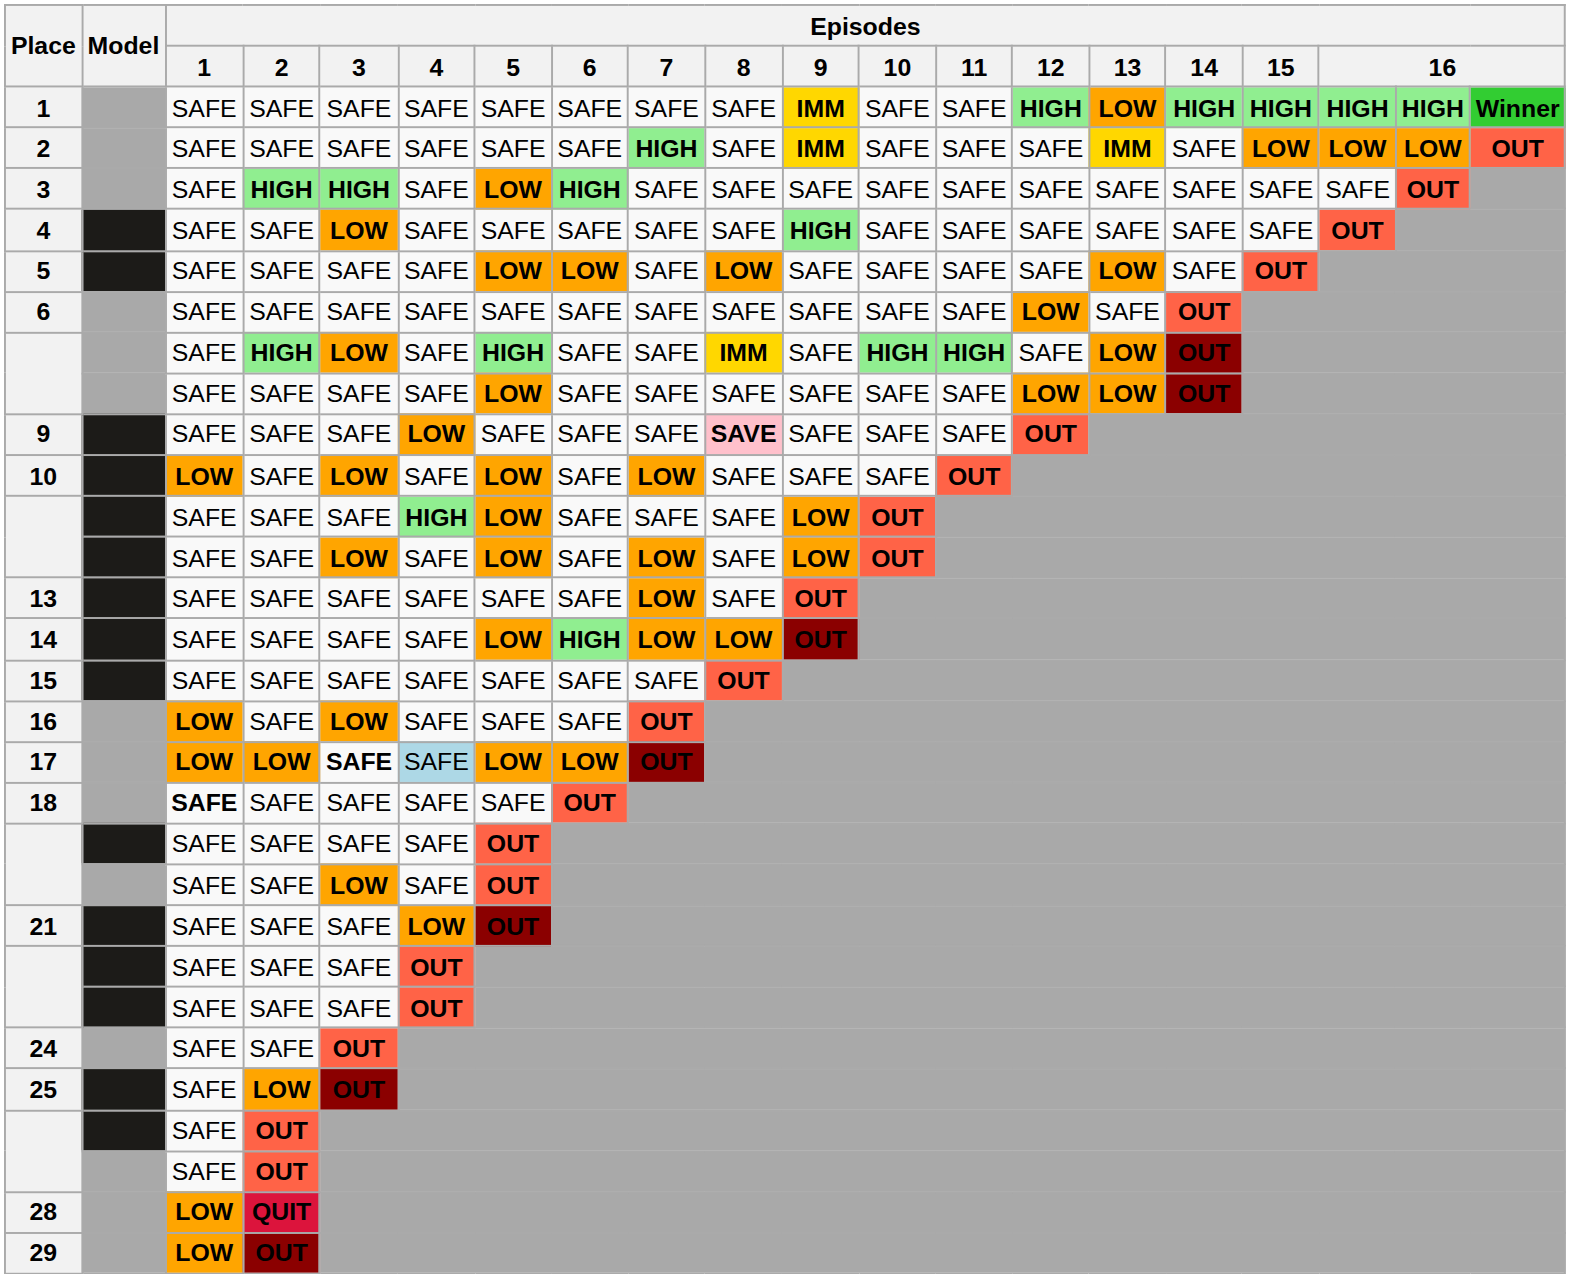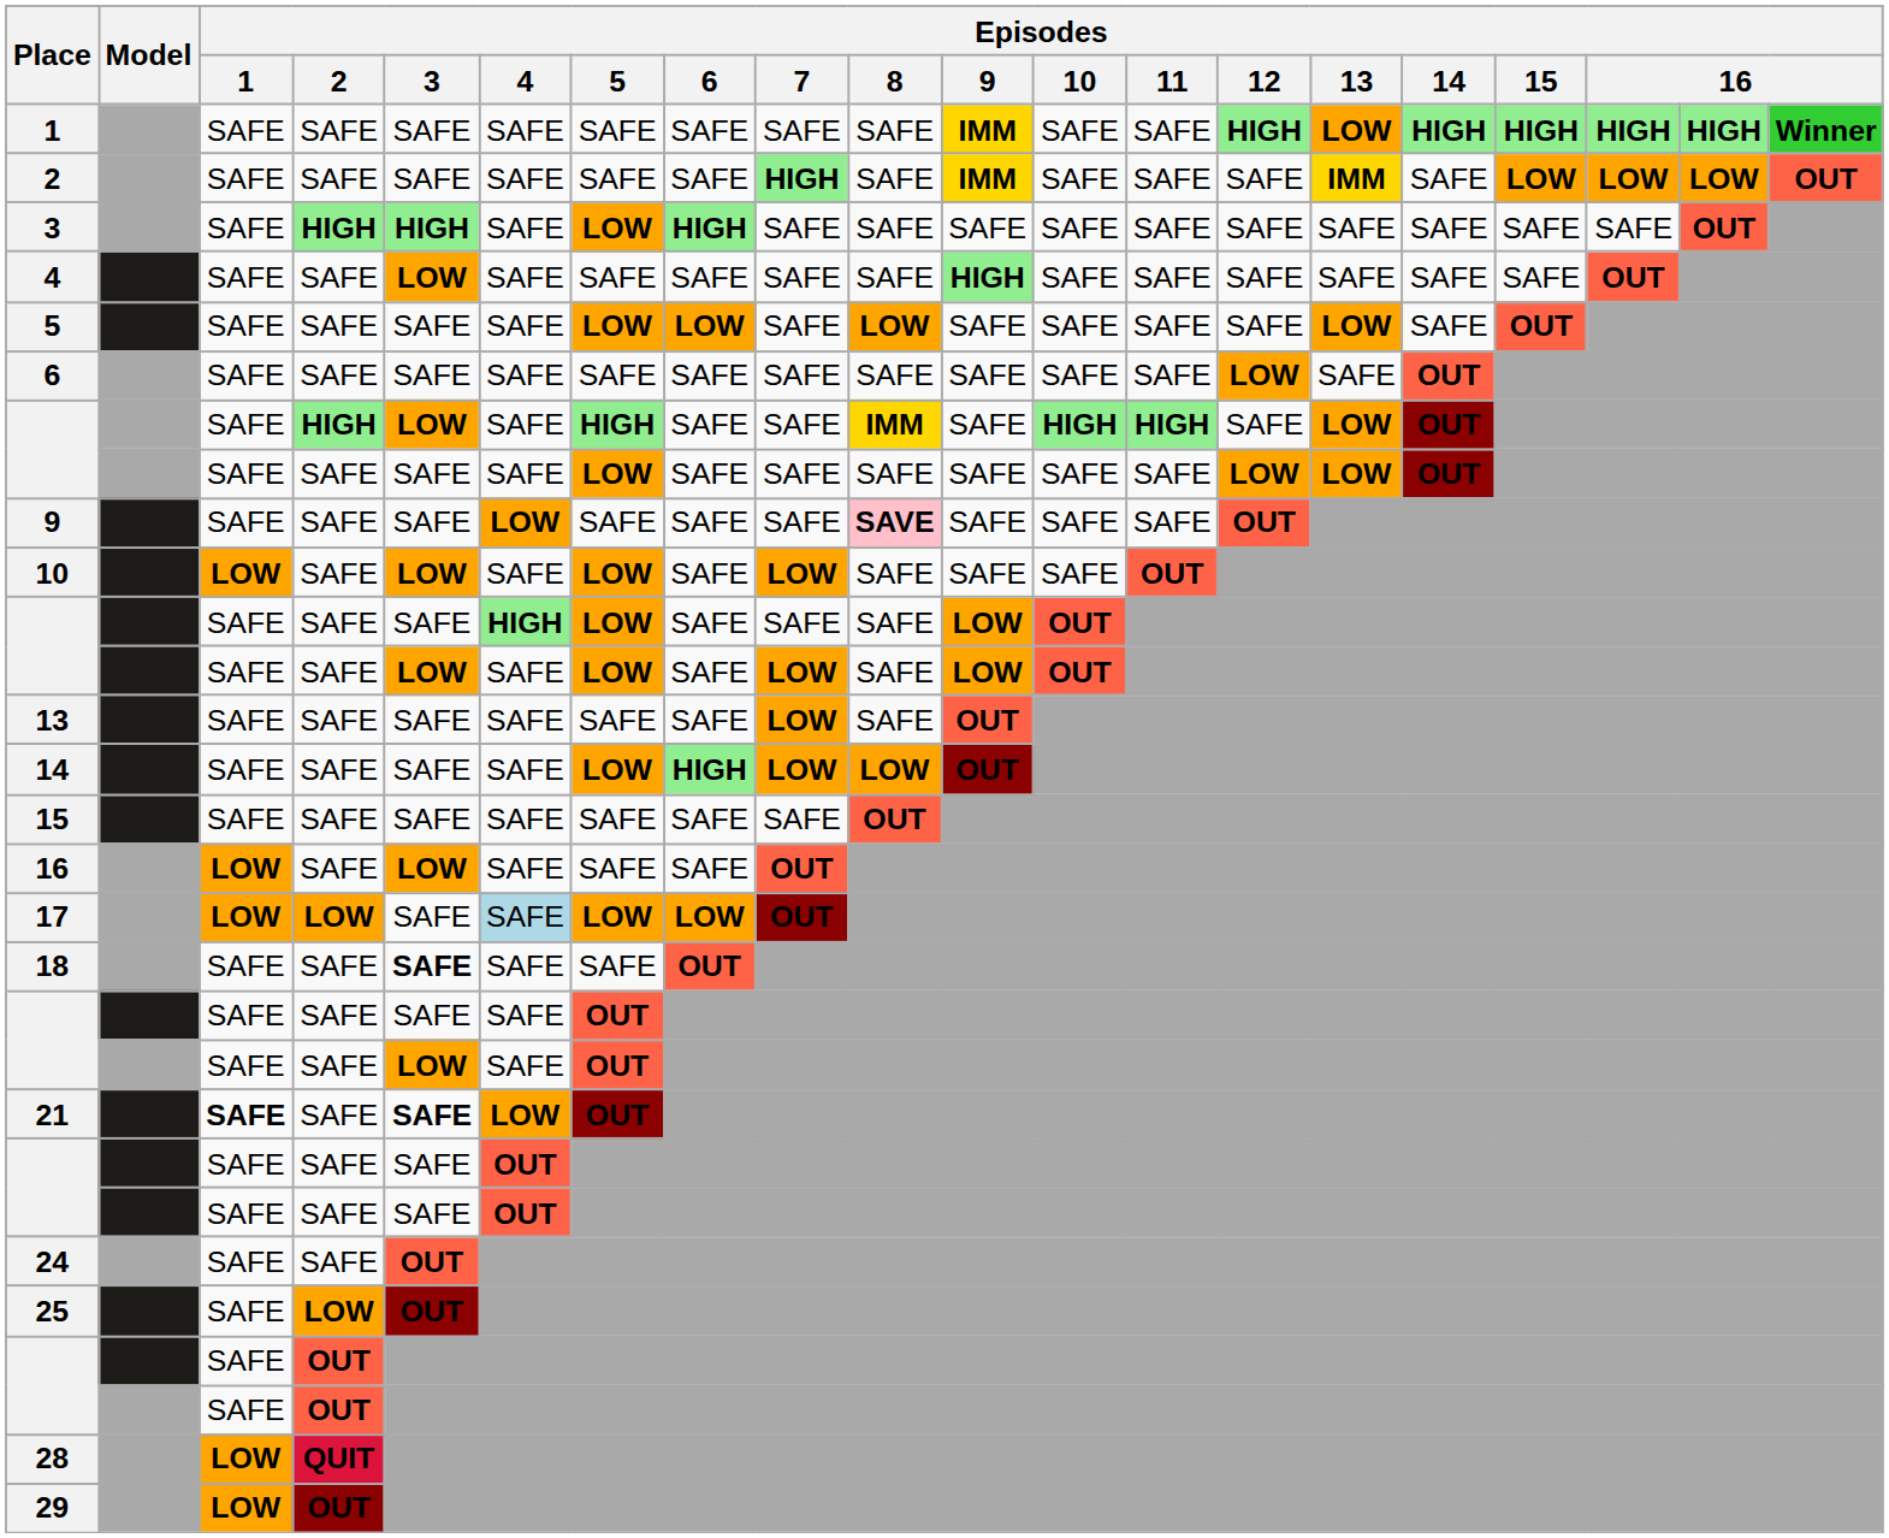 <table class="wikitable" style="width:50%; text-align:center; font-size:80%;">
 <tr>
 <th rowspan="2">Place</th>
 <th rowspan="2">Model</th>
 <th colspan="20">Episodes</th>
 </tr>
 <tr>
 <th>1</th>
 <th>2</th>
 <th>3</th>
 <th>4</th>
 <th>5</th>
 <th>6</th>
 <th>7</th>
 <th>8</th>
 <th>9</th>
 <th>10</th>
 <th>11</th>
 <th>12</th>
 <th>13</th>
 <th>14</th>
 <th>15</th>
 <th colspan="3">16</th>
 </tr>
 <tr>
 <th>1</th>
 <td bgcolor="darkgray"></td>
 <td>SAFE</td>
 <td>SAFE</td>
 <td>SAFE</td>
 <td>SAFE</td>
 <td>SAFE</td>
 <td>SAFE</td>
 <td>SAFE</td>
 <td>SAFE</td>
 <td style="background:gold;"><strong>IMM</strong></td>
 <td>SAFE</td>
 <td>SAFE</td>
 <td style="background:lightgreen;"><strong>HIGH</strong></td>
 <td style="background:orange;"><strong>LOW</strong></td>
 <td style="background:lightgreen;"><strong>HIGH</strong></td>
 <td style="background:lightgreen;"><strong>HIGH</strong></td>
 <td style="background:lightgreen;"><strong>HIGH</strong></td>
 <td style="background:lightgreen;"><strong>HIGH</strong></td>
 <td style="background:limegreen;"><strong>Winner</strong></td>
 </tr>
 <tr>
 <th>2</th>
 <td bgcolor="darkgray"></td>
 <td>SAFE</td>
 <td>SAFE</td>
 <td>SAFE</td>
 <td>SAFE</td>
 <td>SAFE</td>
 <td>SAFE</td>
 <td style="background:lightgreen;"><strong>HIGH</strong></td>
 <td>SAFE</td>
 <td style="background:gold;"><strong>IMM</strong></td>
 <td>SAFE</td>
 <td>SAFE</td>
 <td>SAFE</td>
 <td style="background:gold;"><strong>IMM</strong></td>
 <td>SAFE</td>
 <td style="background:orange;"><strong>LOW</strong></td>
 <td style="background:orange;"><strong>LOW</strong></td>
 <td style="background:orange;"><strong>LOW</strong></td>
 <td style="background:tomato;"><strong>OUT</strong></td>
 </tr>
 <tr>
 <th>3</th>
 <td bgcolor="darkgray"></td>
 <td>SAFE</td>
 <td style="background:lightgreen;"><strong>HIGH</strong></td>
 <td style="background:lightgreen;"><strong>HIGH</strong></td>
 <td>SAFE</td>
 <td style="background:orange;"><strong>LOW</strong></td>
 <td style="background:lightgreen;"><strong>HIGH</strong></td>
 <td>SAFE</td>
 <td>SAFE</td>
 <td>SAFE</td>
 <td>SAFE</td>
 <td>SAFE</td>
 <td>SAFE</td>
 <td>SAFE</td>
 <td>SAFE</td>
 <td>SAFE</td>
 <td>SAFE</td>
 <td style="background:tomato;"><strong>OUT</strong></td>
 <td colspan="25" style="background:darkgrey"></td>
 </tr>
 <tr>
 <th>4</th>
 <td bgcolor="#1c1b18"></td>
 <td>SAFE</td>
 <td>SAFE</td>
 <td style="background:orange;"><strong>LOW</strong></td>
 <td>SAFE</td>
 <td>SAFE</td>
 <td>SAFE</td>
 <td>SAFE</td>
 <td>SAFE</td>
 <td style="background:lightgreen;"><strong>HIGH</strong></td>
 <td>SAFE</td>
 <td>SAFE</td>
 <td>SAFE</td>
 <td>SAFE</td>
 <td>SAFE</td>
 <td>SAFE</td>
 <td style="background:tomato;"><strong>OUT</strong></td>
 <td colspan="25" style="background:darkgrey"></td>
 </tr>
 <tr>
 <th>5</th>
 <td bgcolor="#1c1b18"></td>
 <td>SAFE</td>
 <td>SAFE</td>
 <td>SAFE</td>
 <td>SAFE</td>
 <td style="background:orange;"><strong>LOW</strong></td>
 <td style="background:orange;"><strong>LOW</strong></td>
 <td>SAFE</td>
 <td style="background:orange;"><strong>LOW</strong></td>
 <td>SAFE</td>
 <td>SAFE</td>
 <td>SAFE</td>
 <td>SAFE</td>
 <td style="background:orange;"><strong>LOW</strong></td>
 <td>SAFE</td>
 <td style="background:tomato;"><strong>OUT</strong></td>
 <td colspan="25" style="background:darkgrey"></td>
 </tr>
 <tr>
 <th>6</th>
 <td bgcolor="darkgray"></td>
 <td>SAFE</td>
 <td>SAFE</td>
 <td>SAFE</td>
 <td>SAFE</td>
 <td>SAFE</td>
 <td>SAFE</td>
 <td>SAFE</td>
 <td>SAFE</td>
 <td>SAFE</td>
 <td>SAFE</td>
 <td>SAFE</td>
 <td style="background:orange;"><strong>LOW</strong></td>
 <td>SAFE</td>
 <td style="background:tomato;"><strong>OUT</strong></td>
 <td colspan="25" style="background:darkgrey"></td>
 </tr>
 <tr>
 <th rowspan="2"></th>
 <td bgcolor="darkgray"></td>
 <td>SAFE</td>
 <td style="background:lightgreen;"><strong>HIGH</strong></td>
 <td style="background:orange;"><strong>LOW</strong></td>
 <td>SAFE</td>
 <td style="background:lightgreen;"><strong>HIGH</strong></td>
 <td>SAFE</td>
 <td>SAFE</td>
 <td style="background:gold;"><strong>IMM</strong></td>
 <td>SAFE</td>
 <td style="background:lightgreen;"><strong>HIGH</strong></td>
 <td style="background:lightgreen;"><strong>HIGH</strong></td>
 <td>SAFE</td>
 <td style="background:orange;"><strong>LOW</strong></td>
 <td style="background:darkred;"><span><strong>OUT</strong></span></td>
 <td colspan="25" style="background:darkgrey"></td>
 </tr>
 <tr>
 <td bgcolor="darkgray"></td>
 <td>SAFE</td>
 <td>SAFE</td>
 <td>SAFE</td>
 <td>SAFE</td>
 <td style="background:orange;"><strong>LOW</strong></td>
 <td>SAFE</td>
 <td>SAFE</td>
 <td>SAFE</td>
 <td>SAFE</td>
 <td>SAFE</td>
 <td>SAFE</td>
 <td style="background:orange;"><strong>LOW</strong></td>
 <td style="background:orange;"><strong>LOW</strong></td>
 <td style="background:darkred;"><span><strong>OUT</strong></span></td>
 <td colspan="25" style="background:darkgrey"></td>
 </tr>
 <tr>
 <th>9</th>
 <td bgcolor="#1c1b18"></td>
 <td>SAFE</td>
 <td>SAFE</td>
 <td>SAFE</td>
 <td style="background:orange;"><strong>LOW</strong></td>
 <td>SAFE</td>
 <td>SAFE</td>
 <td>SAFE</td>
 <td style="background:pink;"><strong>SAVE</strong></td>
 <td>SAFE</td>
 <td>SAFE</td>
 <td>SAFE</td>
 <td style="background:tomato;"><strong>OUT</strong></td>
 <td colspan="25" style="background:darkgrey"></td>
 </tr>
 <tr>
 <th>10</th>
 <td bgcolor="#1c1b18"></td>
 <td style="background:orange;"><strong>LOW</strong></td>
 <td>SAFE</td>
 <td style="background:orange;"><strong>LOW</strong></td>
 <td>SAFE</td>
 <td style="background:orange;"><strong>LOW</strong></td>
 <td>SAFE</td>
 <td style="background:orange;"><strong>LOW</strong></td>
 <td>SAFE</td>
 <td>SAFE</td>
 <td>SAFE</td>
 <td style="background:tomato;"><strong>OUT</strong></td>
 <td colspan="25" style="background:darkgrey"></td>
 </tr>
 <tr>
 <th rowspan="2"></th>
 <td bgcolor="#1c1b18"></td>
 <td>SAFE</td>
 <td>SAFE</td>
 <td>SAFE</td>
 <td style="background:lightgreen;"><strong>HIGH</strong></td>
 <td style="background:orange;"><strong>LOW</strong></td>
 <td>SAFE</td>
 <td>SAFE</td>
 <td>SAFE</td>
 <td style="background:orange;"><strong>LOW</strong></td>
 <td style="background:tomato;"><strong>OUT</strong></td>
 <td colspan="25" style="background:darkgrey"></td>
 </tr>
 <tr>
 <td bgcolor="#1c1b18"></td>
 <td>SAFE</td>
 <td>SAFE</td>
 <td style="background:orange;"><strong>LOW</strong></td>
 <td>SAFE</td>
 <td style="background:orange;"><strong>LOW</strong></td>
 <td>SAFE</td>
 <td style="background:orange;"><strong>LOW</strong></td>
 <td>SAFE</td>
 <td style="background:orange;"><strong>LOW</strong></td>
 <td style="background:tomato;"><strong>OUT</strong></td>
 <td colspan="25" style="background:darkgrey"></td>
 </tr>
 <tr>
 <th>13</th>
 <td bgcolor="#1c1b18"></td>
 <td>SAFE</td>
 <td>SAFE</td>
 <td>SAFE</td>
 <td>SAFE</td>
 <td>SAFE</td>
 <td>SAFE</td>
 <td style="background:orange;"><strong>LOW</strong></td>
 <td>SAFE</td>
 <td style="background:tomato;"><strong>OUT</strong></td>
 <td colspan="25" style="background:darkgrey"></td>
 </tr>
 <tr>
 <th>14</th>
 <td bgcolor="#1c1b18"></td>
 <td>SAFE</td>
 <td>SAFE</td>
 <td>SAFE</td>
 <td>SAFE</td>
 <td style="background:orange;"><strong>LOW</strong></td>
 <td style="background:lightgreen;"><strong>HIGH</strong></td>
 <td style="background:orange;"><strong>LOW</strong></td>
 <td style="background:orange;"><strong>LOW</strong></td>
 <td style="background:darkred;"><span><strong>OUT</strong></span></td>
 <td colspan="25" style="background:darkgrey"></td>
 </tr>
 <tr>
 <th>15</th>
 <td bgcolor="#1c1b18"></td>
 <td>SAFE</td>
 <td>SAFE</td>
 <td>SAFE</td>
 <td>SAFE</td>
 <td>SAFE</td>
 <td>SAFE</td>
 <td>SAFE</td>
 <td style="background:tomato;"><strong>OUT</strong></td>
 <td colspan="25" style="background:darkgrey"></td>
 </tr>
 <tr>
 <th>16</th>
 <td bgcolor="darkgray"></td>
 <td style="background:orange;"><strong>LOW</strong></td>
 <td>SAFE</td>
 <td style="background:orange;"><strong>LOW</strong></td>
 <td>SAFE</td>
 <td>SAFE</td>
 <td>SAFE</td>
 <td style="background:tomato;"><strong>OUT</strong></td>
 <td colspan="25" style="background:darkgrey"></td>
 </tr>
 <tr>
 <th>17</th>
 <td bgcolor="darkgray"></td>
 <td style="background:orange;"><strong>LOW</strong></td>
 <td style="background:orange;"><strong>LOW</strong></td>
-<td><strong>SAFE</strong></td>
+<td>SAFE</td>
 <td style="background: lightblue;">SAFE</td>
 <td style="background:orange;"><strong>LOW</strong></td>
 <td style="background:orange;"><strong>LOW</strong></td>
 <td style="background:darkred;"><span><strong>OUT</strong></span></td>
 <td colspan="25" style="background:darkgrey"></td>
 </tr>
 <tr>
 <th>18</th>
 <td bgcolor="darkgray"></td>
-<td><strong>SAFE</strong></td>
 <td>SAFE</td>
 <td>SAFE</td>
+<td><strong>SAFE</strong></td>
 <td>SAFE</td>
 <td>SAFE</td>
 <td style="background:tomato;"><strong>OUT</strong></td>
 <td colspan="25" style="background:darkgrey"></td>
 </tr>
 <tr>
 <th rowspan="2"></th>
 <td bgcolor="#1c1b18"></td>
 <td>SAFE</td>
 <td>SAFE</td>
 <td>SAFE</td>
 <td>SAFE</td>
 <td style="background:tomato;"><strong>OUT</strong></td>
 <td colspan="25" style="background:darkgrey"></td>
 </tr>
 <tr>
 <td bgcolor="darkgray"></td>
 <td>SAFE</td>
 <td>SAFE</td>
 <td style="background:orange;"><strong>LOW</strong></td>
 <td>SAFE</td>
 <td style="background:tomato;"><strong>OUT</strong></td>
 <td colspan="25" style="background:darkgrey"></td>
 </tr>
 <tr>
 <th>21</th>
 <td bgcolor="#1c1b18"></td>
+<td><strong>SAFE</strong></td>
 <td>SAFE</td>
-<td>SAFE</td>
-<td>SAFE</td>
+<td><strong>SAFE</strong></td>
 <td style="background:orange;"><strong>LOW</strong></td>
 <td style="background:darkred;"><span><strong>OUT</strong></span></td>
 <td colspan="25" style="background:darkgrey"></td>
 </tr>
 <tr>
 <th rowspan="2"></th>
 <td bgcolor="#1c1b18"></td>
 <td>SAFE</td>
 <td>SAFE</td>
 <td>SAFE</td>
 <td style="background:tomato;"><strong>OUT</strong></td>
 <td colspan="25" style="background:darkgrey"></td>
 </tr>
 <tr>
 <td bgcolor="#1c1b18"></td>
 <td>SAFE</td>
 <td>SAFE</td>
 <td>SAFE</td>
 <td style="background:tomato;"><strong>OUT</strong></td>
 <td colspan="25" style="background:darkgrey"></td>
 </tr>
 <tr>
 <th>24</th>
 <td bgcolor="darkgray"></td>
 <td>SAFE</td>
 <td>SAFE</td>
 <td style="background:tomato;"><strong>OUT</strong></td>
 <td colspan="25" style="background:darkgrey"></td>
 </tr>
 <tr>
 <th>25</th>
 <td bgcolor="#1c1b18"></td>
 <td>SAFE</td>
 <td style="background:orange;"><strong>LOW</strong></td>
 <td style="background:darkred;"><span><strong>OUT</strong></span></td>
 <td colspan="25" style="background:darkgrey"></td>
 </tr>
 <tr>
 <th rowspan="2"></th>
 <td bgcolor="#1c1b18"></td>
 <td>SAFE</td>
 <td style="background:tomato;"><strong>OUT</strong></td>
 <td colspan="25" style="background:darkgrey"></td>
 </tr>
 <tr>
 <td bgcolor="darkgray"></td>
 <td>SAFE</td>
 <td style="background:tomato;"><strong>OUT</strong></td>
 <td colspan="25" style="background:darkgrey"></td>
 </tr>
 <tr>
 <th>28</th>
 <td bgcolor="darkgray"></td>
 <td style="background:orange;"><strong>LOW</strong></td>
 <td style="background:crimson;"><span><strong>QUIT</strong></span></td>
 <td colspan="25" style="background:darkgrey"></td>
 </tr>
 <tr>
 <th>29</th>
 <td bgcolor="darkgray"></td>
 <td style="background:orange;"><strong>LOW</strong></td>
 <td style="background:darkred;"><span><strong>OUT</strong></span></td>
 <td colspan="25" style="background:darkgrey"></td>
 </tr>
 </table>
